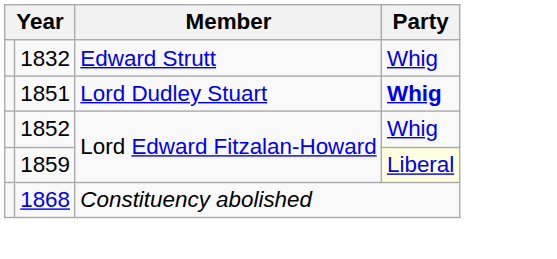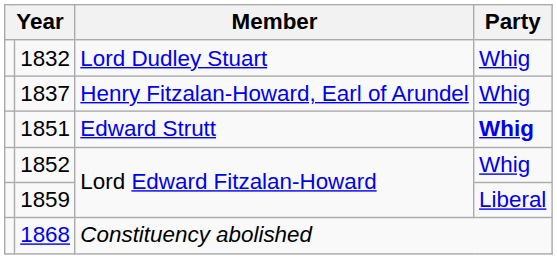 <table class="wikitable">
 <tr>
 <th colspan=2>Year</th>
 <th>Member</th>
 <th>Party</th>
 </tr>
 <tr>
 <td style="color:inherit;background-color: "></td>
 <td>1832</td>
-<td><a href='#'>Edward Strutt</a></td>
+<td><a href='#'>Lord Dudley Stuart</a></td>
+<td><a href='#'>Whig</a></td>
+</tr>
+<tr>
+<td style="color:inherit;background-color: "></td>
+<td>1837</td>
+<td><a href='#'>Henry Fitzalan-Howard, Earl of Arundel</a></td>
 <td><a href='#'>Whig</a></td>
 </tr>
 <tr>
 <td style="color:inherit;background-color: "></td>
 <td>1851</td>
-<td><a href='#'>Lord Dudley Stuart</a></td>
+<td><a href='#'>Edward Strutt</a></td>
 <td><strong><a href='#'>Whig</a></strong></td>
 </tr>
 <tr>
 <td style="color:inherit;background-color: "></td>
 <td>1852</td>
 <td rowspan="2">Lord <a href='#'>Edward Fitzalan-Howard</a></td>
 <td><a href='#'>Whig</a></td>
 </tr>
 <tr>
 <td style="color:inherit;background-color: "></td>
 <td>1859</td>
-<td style="background: lightyellow;"><a href='#'>Liberal</a></td>
+<td><a href='#'>Liberal</a></td>
 </tr>
 <tr>
 <td></td>
 <td><a href='#'>1868</a></td>
 <td colspan="2"><em>Constituency abolished</em></td>
 </tr>
 </table>
